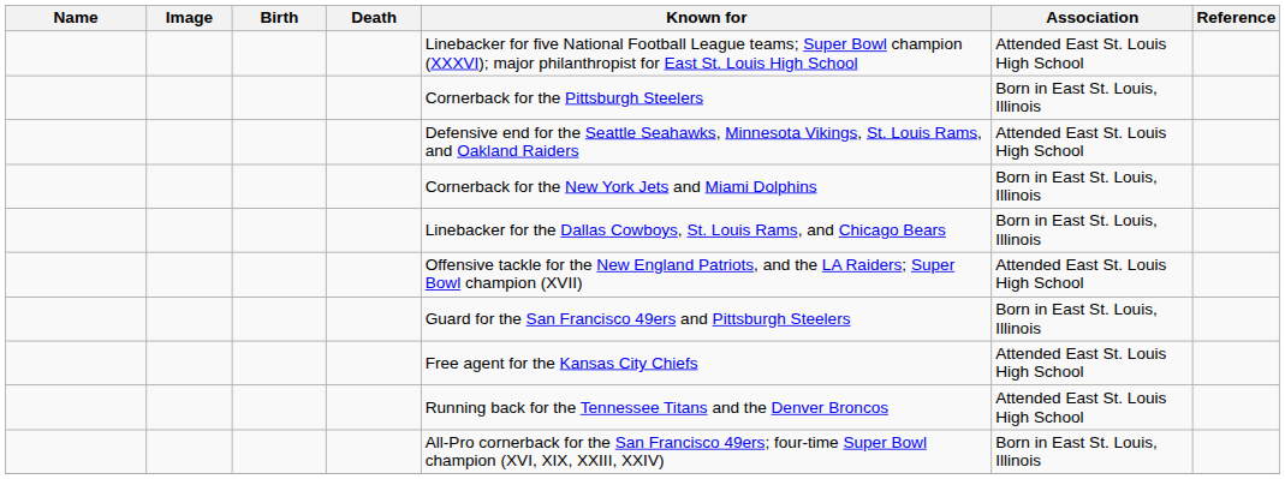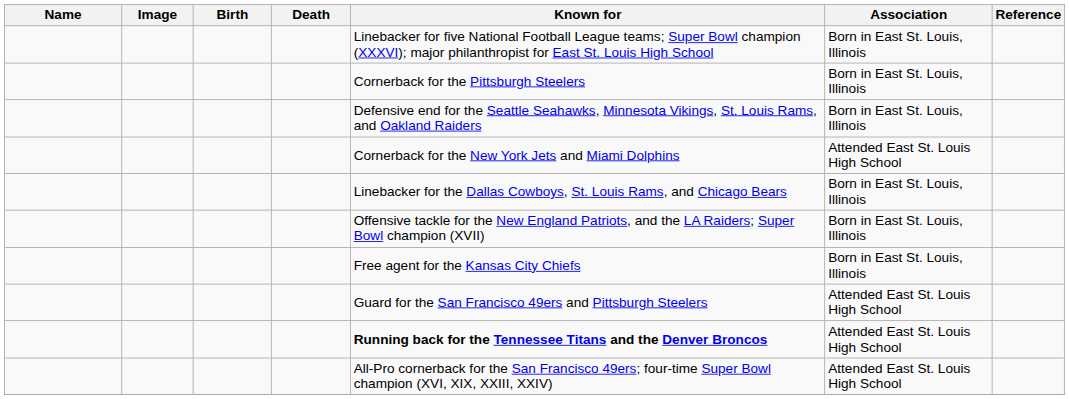 <table class="wikitable sortable">
 <tr>
 <th scope="col" width="140">Name</th>
 <th scope="col" width="80" class="unsortable">Image</th>
 <th scope="col" width="90">Birth</th>
 <th scope="col" width="90">Death</th>
 <th scope="col" width="600" class="unsortable">Known for</th>
 <th scope="col" width="200" class="unsortable">Association</th>
 <th scope="col" width="30" class="unsortable">Reference</th>
 </tr>
 <tr>
 <td></td>
 <td></td>
 <td align=right></td>
 <td align=right></td>
 <td>Linebacker for five National Football League teams; <a href='#'>Super Bowl</a> champion (<a href='#'>XXXVI</a>); major philanthropist for <a href='#'>East St. Louis High School</a></td>
-<td>Attended East St. Louis High School</td>
+<td>Born in East St. Louis, Illinois</td>
 <td align="center"></td>
 </tr>
 <tr>
 <td></td>
 <td></td>
 <td align=right></td>
 <td align=right></td>
 <td>Cornerback for the <a href='#'>Pittsburgh Steelers</a></td>
 <td>Born in East St. Louis, Illinois</td>
 <td align="center"></td>
 </tr>
 <tr>
 <td></td>
 <td></td>
 <td align=right></td>
 <td align=right></td>
 <td>Defensive end for the <a href='#'>Seattle Seahawks</a>, <a href='#'>Minnesota Vikings</a>, <a href='#'>St. Louis Rams</a>, and <a href='#'>Oakland Raiders</a></td>
-<td>Attended East St. Louis High School</td>
+<td>Born in East St. Louis, Illinois</td>
 <td align="center"></td>
 </tr>
 <tr>
 <td></td>
 <td></td>
 <td align=right></td>
 <td align=right></td>
 <td>Cornerback for the <a href='#'>New York Jets</a> and <a href='#'>Miami Dolphins</a></td>
-<td>Born in East St. Louis, Illinois</td>
+<td>Attended East St. Louis High School</td>
 <td align="center"></td>
 </tr>
 <tr>
 <td></td>
 <td></td>
 <td align=right></td>
 <td align=right></td>
 <td>Linebacker for the <a href='#'>Dallas Cowboys</a>, <a href='#'>St. Louis Rams</a>, and <a href='#'>Chicago Bears</a></td>
 <td>Born in East St. Louis, Illinois</td>
 <td align="center"></td>
 </tr>
 <tr>
 <td></td>
 <td></td>
 <td align=right></td>
 <td align=right></td>
 <td>Offensive tackle for the <a href='#'>New England Patriots</a>, and the <a href='#'>LA Raiders</a>; <a href='#'>Super Bowl</a> champion (XVII)</td>
-<td>Attended East St. Louis High School</td>
-<td align="center"></td>
-</tr>
-<tr>
-<td></td>
-<td></td>
-<td align=right></td>
-<td align=right></td>
-<td>Guard for the <a href='#'>San Francisco 49ers</a> and <a href='#'>Pittsburgh Steelers</a></td>
 <td>Born in East St. Louis, Illinois</td>
 <td align="center"></td>
 </tr>
 <tr>
 <td></td>
 <td></td>
 <td align=right></td>
 <td align=right></td>
 <td>Free agent for the <a href='#'>Kansas City Chiefs</a></td>
+<td>Born in East St. Louis, Illinois</td>
+<td align="center"></td>
+</tr>
+<tr>
+<td></td>
+<td></td>
+<td align=right></td>
+<td align=right></td>
+<td>Guard for the <a href='#'>San Francisco 49ers</a> and <a href='#'>Pittsburgh Steelers</a></td>
 <td>Attended East St. Louis High School</td>
 <td align="center"></td>
 </tr>
 <tr>
 <td></td>
 <td></td>
 <td align=right></td>
 <td align=right></td>
-<td>Running back for the <a href='#'>Tennessee Titans</a> and the <a href='#'>Denver Broncos</a></td>
+<td><strong>Running back for the <a href='#'>Tennessee Titans</a> and the <a href='#'>Denver Broncos</a></strong></td>
 <td>Attended East St. Louis High School</td>
 <td align="center"></td>
 </tr>
 <tr>
 <td></td>
 <td></td>
 <td align=right></td>
 <td align=right></td>
 <td>All-Pro cornerback for the <a href='#'>San Francisco 49ers</a>; four-time <a href='#'>Super Bowl</a> champion (XVI, XIX, XXIII, XXIV)</td>
-<td>Born in East St. Louis, Illinois</td>
+<td>Attended East St. Louis High School</td>
 <td align="center"></td>
 </tr>
 <tr>
 </tr>
 </table>
